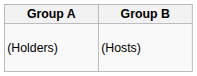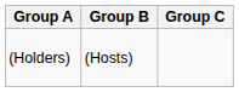 <table class=wikitable>
 <tr>
 <th width=30%>Group A</th>
 <th width=30%>Group B</th>
+<th width=30%>Group C</th>
 </tr>
 <tr valign=top>
 <td><br> (Holders) <br>  <br> </td>
 <td><br> (Hosts) <br>  <br> </td>
+<td><br> <br>  <br> </td>
 </tr>
 </table>
